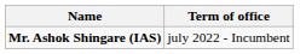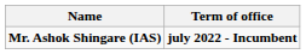 <table class="wikitable">
 <tr>
 <th>Name</th>
 <th>Term of office</th>
 </tr>
 <tr>
 <td><strong>Mr. Ashok Shingare (IAS)</strong></td>
-<td>july 2022 - Incumbent</td>
+<td><strong>july 2022 - Incumbent</strong></td>
 </tr>
 </table>
